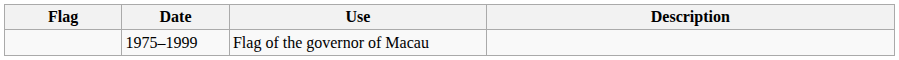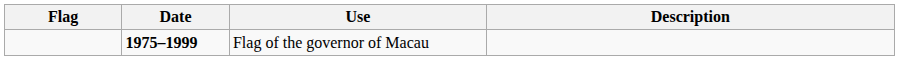 <table class="wikitable" style="background:#f9f9f9">
 <tr>
 <th width="110">Flag</th>
 <th width="100">Date</th>
 <th width="250">Use</th>
 <th width="400">Description</th>
 </tr>
 <tr>
 <td></td>
-<td>1975–1999</td>
+<td><strong>1975–1999</strong></td>
 <td>Flag of the governor of Macau</td>
 <td></td>
 </tr>
 <tr>
 </tr>
 </table>
